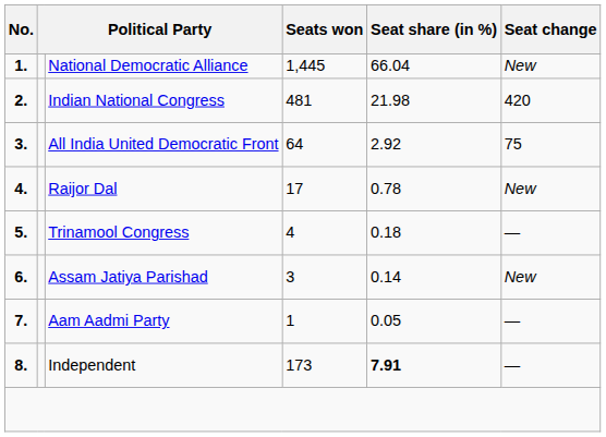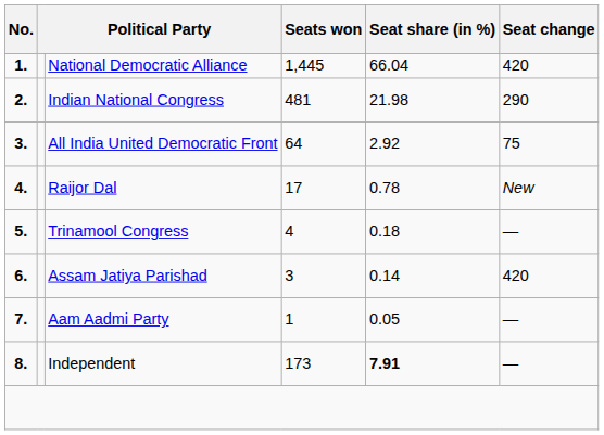 <table class="wikitable">
 <tr style="height: 50px;">
 <th scope="col">No.</th>
 <th colspan="2">Political Party</th>
 <th scope="col">Seats won</th>
 <th scope="col">Seat share (in %)</th>
 <th scope="col">Seat change</th>
 </tr>
 <tr>
 <td ! style="text-align:center;"><strong>1.</strong></td>
 <td bgcolor=></td>
 <td><a href='#'>National Democratic Alliance</a></td>
 <td>1,445</td>
 <td>66.04</td>
-<td><em>New</em></td>
+<td>420</td>
 </tr>
 <tr style="height: 45px;">
 <td ! style="text-align:center;"><strong>2.</strong></td>
 <td bgcolor=></td>
 <td><a href='#'>Indian National Congress</a></td>
 <td>481</td>
 <td>21.98</td>
-<td>420</td>
+<td>290</td>
 </tr>
 <tr style="height: 45px;">
 <td ! style="text-align:center;"><strong>3.</strong></td>
 <td bgcolor=></td>
 <td><a href='#'>All India United Democratic Front</a></td>
 <td>64</td>
 <td>2.92</td>
 <td>75</td>
 </tr>
 <tr style="height: 45px;">
 <td ! style="text-align:center;"><strong>4.</strong></td>
 <td bgcolor=></td>
 <td><a href='#'>Raijor Dal</a></td>
 <td>17</td>
 <td>0.78</td>
 <td><em>New</em></td>
 </tr>
 <tr style="height: 45px;">
 <td ! style="text-align:center;"><strong>5.</strong></td>
 <td bgcolor=></td>
 <td><a href='#'>Trinamool Congress</a></td>
 <td>4</td>
 <td>0.18</td>
 <td>—</td>
 </tr>
 <tr style="height: 45px;">
 <td ! style="text-align:center;"><strong>6.</strong></td>
 <td bgcolor=></td>
 <td><a href='#'>Assam Jatiya Parishad</a></td>
 <td>3</td>
 <td>0.14</td>
-<td><em>New</em></td>
+<td>420</td>
 </tr>
 <tr style="height: 45px;">
 <td ! style="text-align:center;"><strong>7.</strong></td>
 <td bgcolor=></td>
 <td><a href='#'>Aam Aadmi Party</a></td>
 <td>1</td>
 <td>0.05</td>
 <td>—</td>
 </tr>
 <tr style="height: 45px;">
 <td ! style="text-align:center;"><strong>8.</strong></td>
 <td bgcolor=></td>
 <td>Independent</td>
 <td>173</td>
 <td><strong>7.91</strong></td>
 <td>—</td>
 </tr>
 <tr style="height: 45px;">
 </tr>
 </table>
